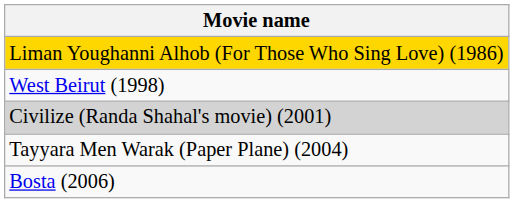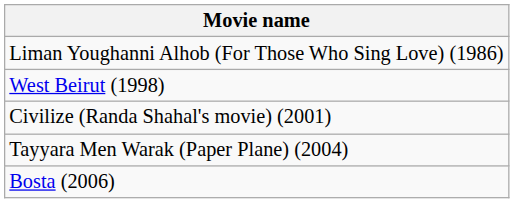 <table class="wikitable">
 <tr>
 <th>Movie name</th>
 </tr>
 <tr>
-<td style="background: gold;">Liman Youghanni Alhob (For Those Who Sing Love) (1986)</td>
+<td>Liman Youghanni Alhob (For Those Who Sing Love) (1986)</td>
 </tr>
 <tr>
 <td><a href='#'>West Beirut</a> (1998)</td>
 </tr>
 <tr>
-<td style="background: lightgrey;">Civilize (Randa Shahal's movie) (2001)</td>
+<td>Civilize (Randa Shahal's movie) (2001)</td>
 </tr>
 <tr>
 <td>Tayyara Men Warak (Paper Plane) (2004)</td>
 </tr>
 <tr>
 <td><a href='#'>Bosta</a> (2006)</td>
 </tr>
 </table>
